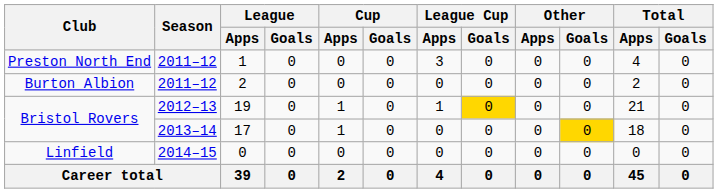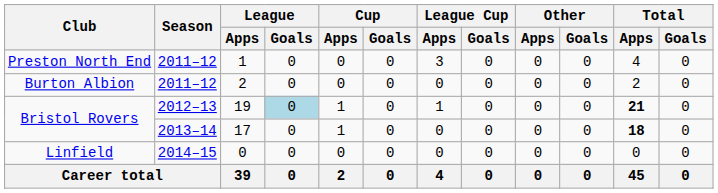 <table class="wikitable" style="text-align:center">
 <tr>
 <th rowspan="2">Club</th>
 <th rowspan="2">Season</th>
 <th colspan="2" width="85">League</th>
 <th colspan="2" width="85">Cup</th>
 <th colspan="2" width="85">League Cup</th>
 <th colspan="2" width="85">Other</th>
 <th colspan="2" width="85">Total</th>
 </tr>
 <tr>
 <th>Apps</th>
 <th>Goals</th>
 <th>Apps</th>
 <th>Goals</th>
 <th>Apps</th>
 <th>Goals</th>
 <th>Apps</th>
 <th>Goals</th>
 <th>Apps</th>
 <th>Goals</th>
 </tr>
 <tr>
 <td rowspan="1"><a href='#'>Preston North End</a></td>
 <td><a href='#'>2011–12</a></td>
 <td>1</td>
 <td>0</td>
 <td>0</td>
 <td>0</td>
 <td>3</td>
 <td>0</td>
 <td>0</td>
 <td>0</td>
 <td>4</td>
 <td>0</td>
 </tr>
 <tr>
 <td rowspan="1"><a href='#'>Burton Albion</a></td>
 <td><a href='#'>2011–12</a></td>
 <td>2</td>
 <td>0</td>
 <td>0</td>
 <td>0</td>
 <td>0</td>
 <td>0</td>
 <td>0</td>
 <td>0</td>
 <td>2</td>
 <td>0</td>
 </tr>
 <tr>
 <td rowspan="2"><a href='#'>Bristol Rovers</a></td>
 <td><a href='#'>2012–13</a></td>
 <td>19</td>
+<td style="background: lightblue;">0</td>
+<td>1</td>
 <td>0</td>
 <td>1</td>
 <td>0</td>
-<td>1</td>
-<td style="background: gold;">0</td>
 <td>0</td>
 <td>0</td>
-<td>21</td>
+<td><strong>21</strong></td>
 <td>0</td>
 </tr>
 <tr>
 <td><a href='#'>2013–14</a></td>
 <td>17</td>
 <td>0</td>
 <td>1</td>
 <td>0</td>
 <td>0</td>
 <td>0</td>
 <td>0</td>
-<td style="background: gold;">0</td>
-<td>18</td>
+<td>0</td>
+<td><strong>18</strong></td>
 <td>0</td>
 </tr>
 <tr>
 <td><a href='#'>Linfield</a></td>
 <td><a href='#'>2014–15</a></td>
 <td>0</td>
 <td>0</td>
 <td>0</td>
 <td>0</td>
 <td>0</td>
 <td>0</td>
 <td>0</td>
 <td>0</td>
 <td>0</td>
 <td>0</td>
 </tr>
 <tr>
 <th colspan="2">Career total</th>
 <th>39</th>
 <th>0</th>
 <th>2</th>
 <th>0</th>
 <th>4</th>
 <th>0</th>
 <th>0</th>
 <th>0</th>
 <th>45</th>
 <th>0</th>
 </tr>
 </table>
